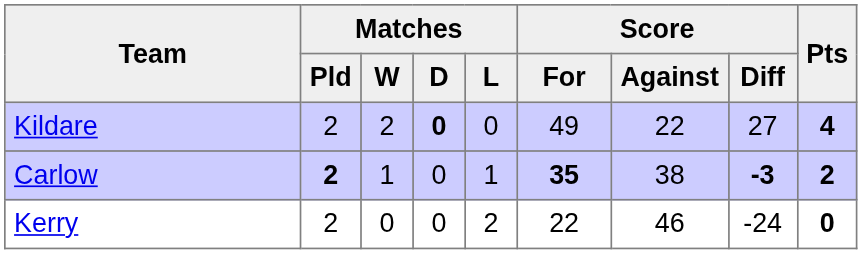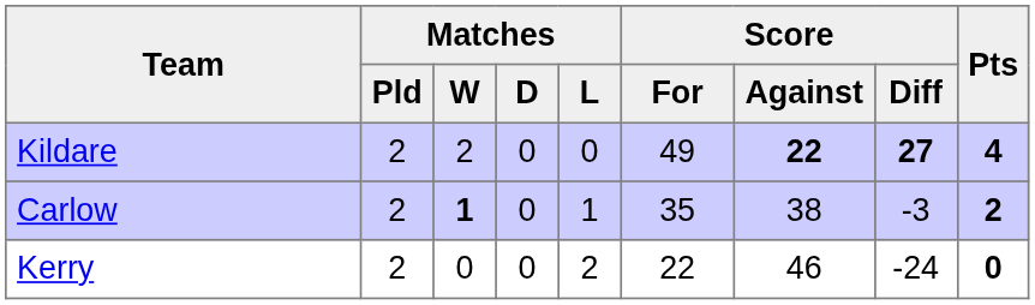 <table style=border-collapse:collapse border=1 cellspacing=0 cellpadding=5>
 <tr align=center bgcolor=#efefef>
 <th rowspan=2 width=165>Team</th>
 <th colspan=4>Matches</th>
 <th colspan=3>Score</th>
 <th rowspan=2width=20>Pts</th>
 </tr>
 <tr align=center bgcolor=#efefef>
 <th width=20>Pld</th>
 <th width=20>W</th>
 <th width=20>D</th>
 <th width=20>L</th>
 <th width=45>For</th>
 <th width=45>Against</th>
 <th width=30>Diff</th>
 </tr>
 <tr align=center style="background:#ccccff;">
 <td style="text-align:left;"><a href='#'>Kildare</a></td>
 <td>2</td>
 <td>2</td>
-<td><strong>0</strong></td>
+<td>0</td>
 <td>0</td>
 <td>49</td>
-<td>22</td>
-<td>27</td>
+<td><strong>22</strong></td>
+<td><strong>27</strong></td>
 <td><strong>4</strong></td>
 </tr>
 <tr align=center style="background:#ccccff;">
 <td style="text-align:left;"><a href='#'>Carlow</a></td>
-<td><strong>2</strong></td>
-<td>1</td>
+<td>2</td>
+<td><strong>1</strong></td>
 <td>0</td>
 <td>1</td>
-<td><strong>35</strong></td>
+<td>35</td>
 <td>38</td>
-<td><strong>-3</strong></td>
+<td>-3</td>
 <td><strong>2</strong></td>
 </tr>
 <tr align=center>
 <td style="text-align:left;"><a href='#'>Kerry</a></td>
 <td>2</td>
 <td>0</td>
 <td>0</td>
 <td>2</td>
 <td>22</td>
 <td>46</td>
 <td>-24</td>
 <td><strong>0</strong></td>
 </tr>
 </table>
